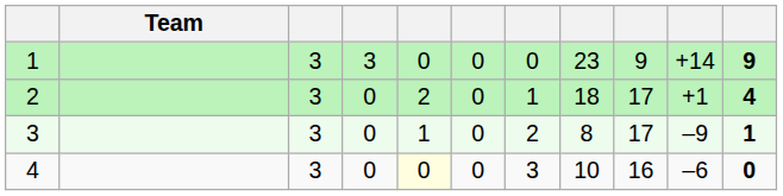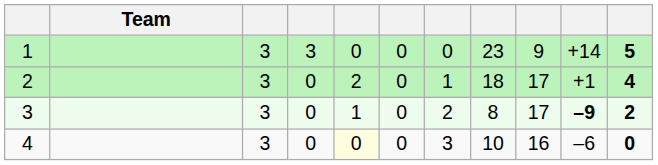 <table class="wikitable" style="text-align: center; font-size: 100%;">
 <tr>
 <th width="30"></th>
 <th width="150">Team</th>
 <th width="30"></th>
 <th width="30"></th>
 <th width="30"></th>
 <th width="30"></th>
 <th width="30"></th>
 <th width="30"></th>
 <th width="30"></th>
 <th width="30"></th>
 <th width="30"></th>
 </tr>
 <tr style="background-color: #bbf3bb">
 <td>1</td>
 <td align="left"></td>
 <td>3</td>
 <td>3</td>
 <td>0</td>
 <td>0</td>
 <td>0</td>
 <td>23</td>
 <td>9</td>
 <td>+14</td>
-<td><strong>9</strong></td>
+<td><strong>5</strong></td>
 </tr>
 <tr style="background-color: #bbf3bb">
 <td>2</td>
 <td align="left"></td>
 <td>3</td>
 <td>0</td>
 <td>2</td>
 <td>0</td>
 <td>1</td>
 <td>18</td>
 <td>17</td>
 <td>+1</td>
 <td><strong>4</strong></td>
 </tr>
 <tr style="background-color: #edfced">
 <td>3</td>
 <td align="left"></td>
 <td>3</td>
 <td>0</td>
 <td>1</td>
 <td>0</td>
 <td>2</td>
 <td>8</td>
 <td>17</td>
-<td>–9</td>
-<td><strong>1</strong></td>
+<td><strong>–9</strong></td>
+<td><strong>2</strong></td>
 </tr>
 <tr>
 <td>4</td>
 <td align="left"></td>
 <td>3</td>
 <td>0</td>
 <td style="background: lightyellow;">0</td>
 <td>0</td>
 <td>3</td>
 <td>10</td>
 <td>16</td>
 <td>–6</td>
 <td><strong>0</strong></td>
 </tr>
 </table>
